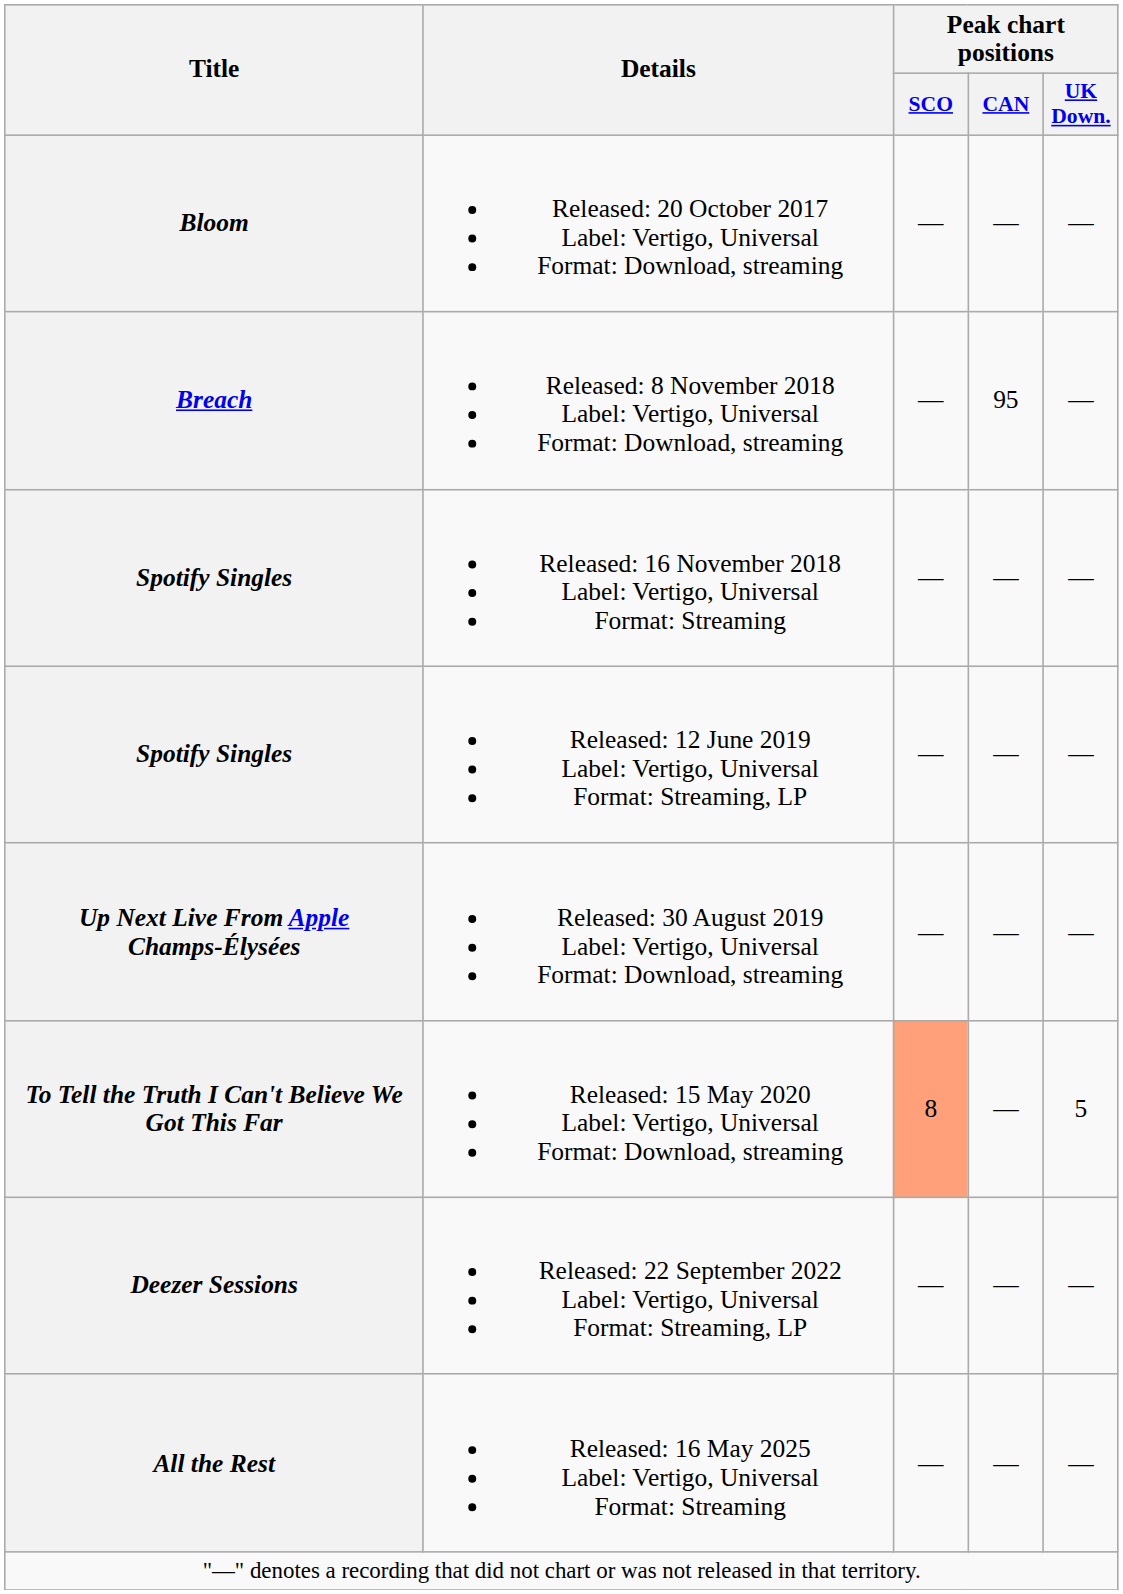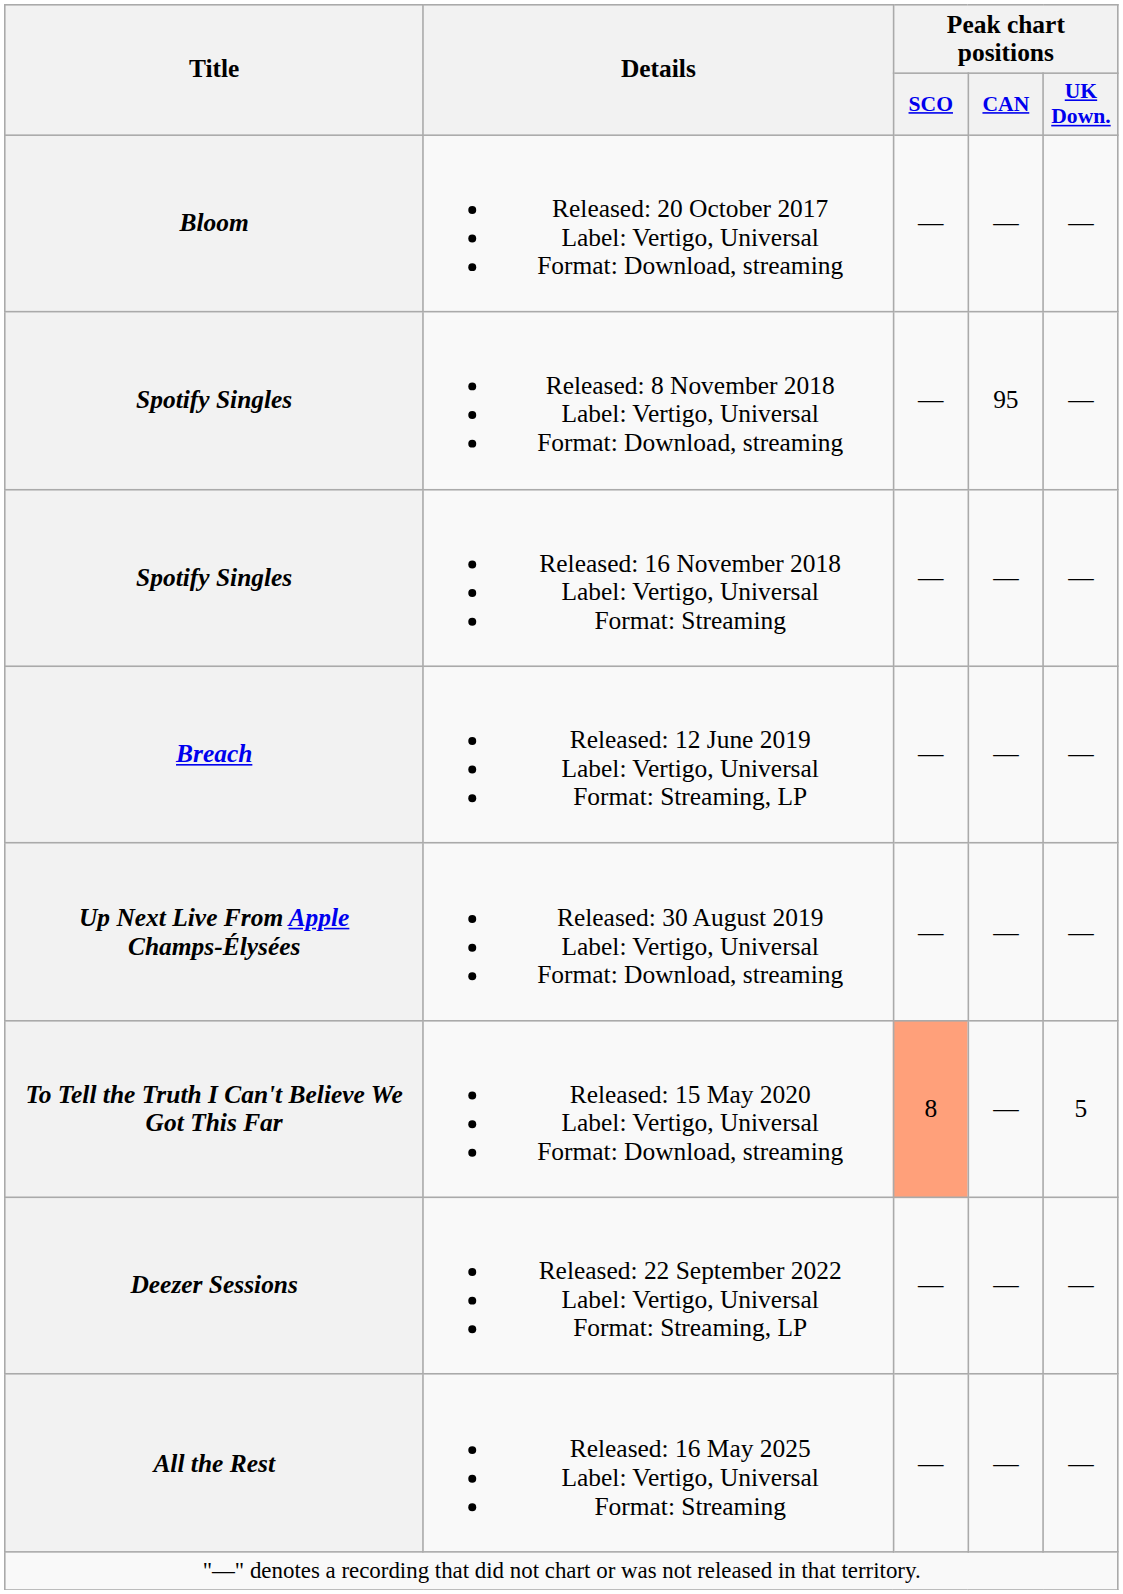 <table class="wikitable plainrowheaders" style="text-align:center;">
 <tr>
 <th scope="col" rowspan="2" style="width:16em;">Title</th>
 <th scope="col" rowspan="2" style="width:18em;">Details</th>
 <th scope="col" colspan="3">Peak chart positions</th>
 </tr>
 <tr>
 <th scope="col" style="width:3em;font-size:85%;"><a href='#'>SCO</a><br></th>
 <th scope="col" style="width:3em;font-size:85%;"><a href='#'>CAN</a><br></th>
 <th scope="col" style="width:3em;font-size:85%;"><a href='#'>UK<br>Down.</a><br></th>
 </tr>
 <tr>
 <th scope="row"><em>Bloom</em></th>
 <td><br><ul><li>Released: 20 October 2017</li><li>Label: Vertigo, Universal</li><li>Format: Download, streaming</li></ul></td>
 <td>—</td>
 <td>—</td>
 <td>—</td>
 </tr>
 <tr>
-<th scope="row"><em><a href='#'>Breach</a></em></th>
+<th scope="row"><em>Spotify Singles</em></th>
 <td><br><ul><li>Released: 8 November 2018</li><li>Label: Vertigo, Universal</li><li>Format: Download, streaming</li></ul></td>
 <td>—</td>
 <td>95</td>
 <td>—</td>
 </tr>
 <tr>
 <th scope="row"><em>Spotify Singles</em></th>
 <td><br><ul><li>Released: 16 November 2018</li><li>Label: Vertigo, Universal</li><li>Format: Streaming</li></ul></td>
 <td>—</td>
 <td>—</td>
 <td>—</td>
 </tr>
 <tr>
-<th scope="row"><em>Spotify Singles</em></th>
+<th scope="row"><em><a href='#'>Breach</a></em></th>
 <td><br><ul><li>Released: 12 June 2019</li><li>Label: Vertigo, Universal</li><li>Format: Streaming, LP</li></ul></td>
 <td>—</td>
 <td>—</td>
 <td>—</td>
 </tr>
 <tr>
 <th scope="row"><em>Up Next Live From <a href='#'>Apple</a><br>Champs-Élysées</em></th>
 <td><br><ul><li>Released: 30 August 2019</li><li>Label: Vertigo, Universal</li><li>Format: Download, streaming</li></ul></td>
 <td>—</td>
 <td>—</td>
 <td>—</td>
 </tr>
 <tr>
 <th scope="row"><em>To Tell the Truth I Can't Believe We Got This Far</em></th>
 <td><br><ul><li>Released: 15 May 2020</li><li>Label: Vertigo, Universal</li><li>Format: Download, streaming</li></ul></td>
 <td style="background: lightsalmon;">8</td>
 <td>—</td>
 <td>5</td>
 </tr>
 <tr>
 <th scope="row"><em>Deezer Sessions</em></th>
 <td><br><ul><li>Released: 22 September 2022</li><li>Label: Vertigo, Universal</li><li>Format: Streaming, LP</li></ul></td>
 <td>—</td>
 <td>—</td>
 <td>—</td>
 </tr>
 <tr>
 <th scope="row"><em>All the Rest</em></th>
 <td><br><ul><li>Released: 16 May 2025</li><li>Label: Vertigo, Universal</li><li>Format: Streaming</li></ul></td>
 <td>—</td>
 <td>—</td>
 <td>—</td>
 </tr>
 <tr>
 <td colspan="15" style="font-size:90%">"—" denotes a recording that did not chart or was not released in that territory.</td>
 </tr>
 </table>
